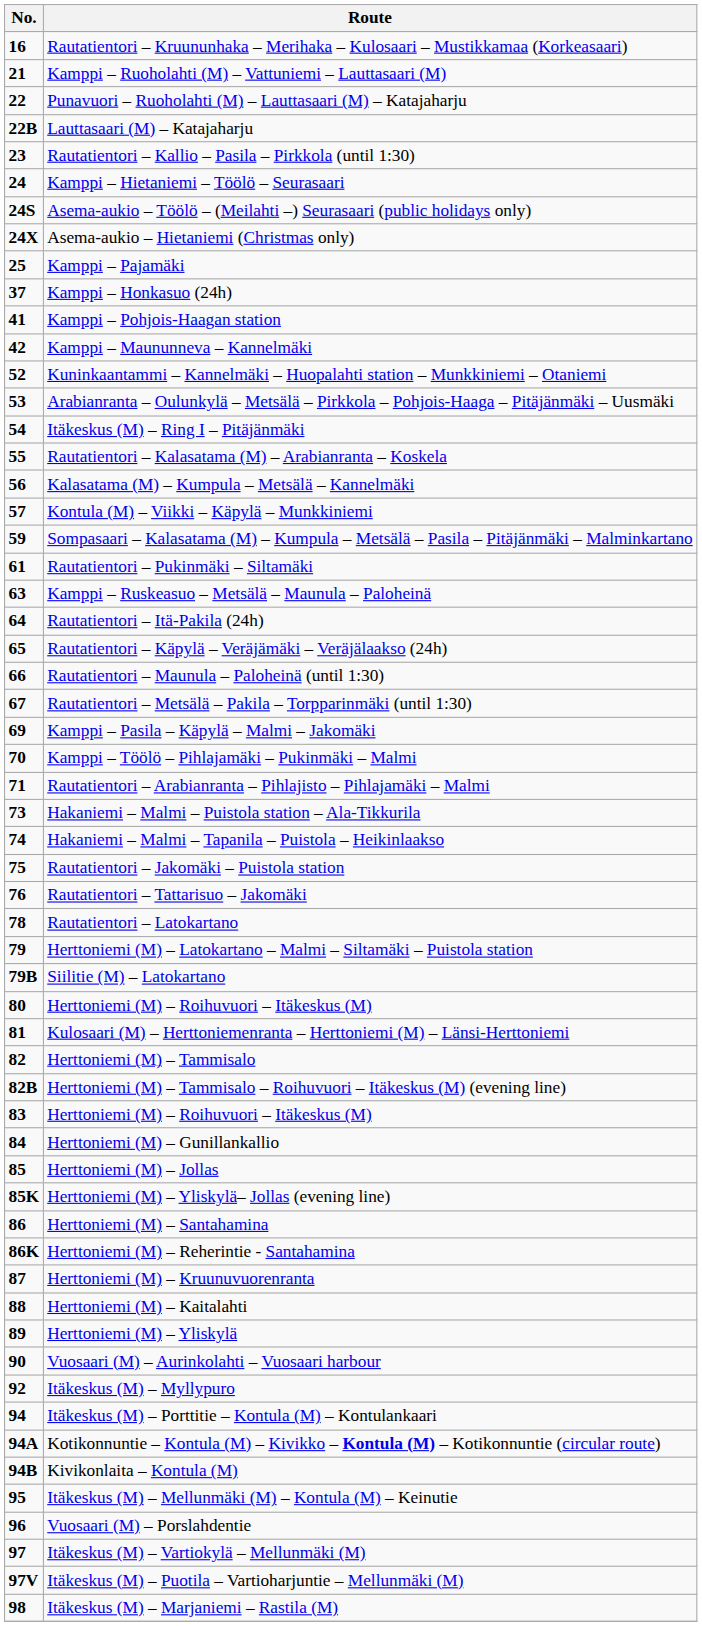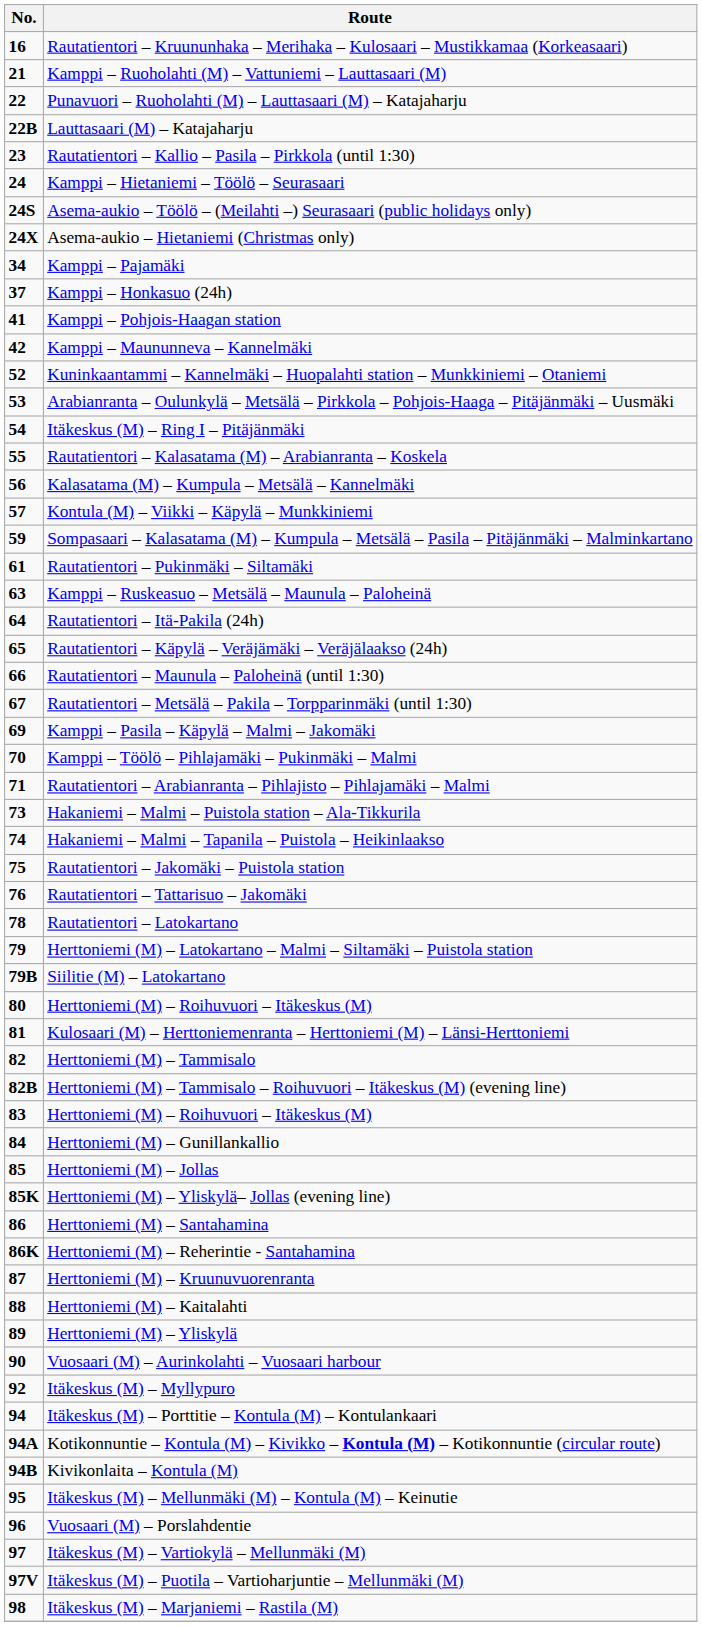 <table class="wikitable mw-collapsible mw-collapsed">
 <tr>
 <th>No.</th>
 <th>Route</th>
 </tr>
 <tr>
 <td><strong>16</strong></td>
 <td><a href='#'>Rautatientori</a> – <a href='#'>Kruununhaka</a> – <a href='#'>Merihaka</a> – <a href='#'>Kulosaari</a> – <a href='#'>Mustikkamaa</a> (<a href='#'>Korkeasaari</a>)</td>
 </tr>
 <tr>
 <td><strong>21</strong></td>
 <td><a href='#'>Kamppi</a> – <a href='#'>Ruoholahti (M)</a> – <a href='#'>Vattuniemi</a> – <a href='#'>Lauttasaari (M)</a></td>
 </tr>
 <tr>
 <td><strong>22</strong></td>
 <td><a href='#'>Punavuori</a> – <a href='#'>Ruoholahti (M)</a> – <a href='#'>Lauttasaari (M)</a> – Katajaharju</td>
 </tr>
 <tr>
 <td><strong>22B</strong></td>
 <td><a href='#'>Lauttasaari (M)</a> – Katajaharju</td>
 </tr>
 <tr>
 <td><strong>23</strong></td>
 <td><a href='#'>Rautatientori</a> – <a href='#'>Kallio</a> – <a href='#'>Pasila</a> – <a href='#'>Pirkkola</a> (until 1:30)</td>
 </tr>
 <tr>
 <td><strong>24</strong></td>
 <td><a href='#'>Kamppi</a> – <a href='#'>Hietaniemi</a> – <a href='#'>Töölö</a> – <a href='#'>Seurasaari</a></td>
 </tr>
 <tr>
 <td><strong>24S</strong></td>
 <td><a href='#'>Asema-aukio</a> – <a href='#'>Töölö</a> – (<a href='#'>Meilahti</a> –) <a href='#'>Seurasaari</a> (<a href='#'>public holidays</a> only)</td>
 </tr>
 <tr>
 <td><strong>24X</strong></td>
 <td>Asema-aukio – <a href='#'>Hietaniemi</a> (<a href='#'>Christmas</a> only)</td>
 </tr>
 <tr>
-<td><strong>25</strong></td>
+<td><strong>34</strong></td>
 <td><a href='#'>Kamppi</a> – <a href='#'>Pajamäki</a></td>
 </tr>
 <tr>
 <td><strong>37</strong></td>
 <td><a href='#'>Kamppi</a> – <a href='#'>Honkasuo</a> (24h)</td>
 </tr>
 <tr>
 <td><strong>41</strong></td>
 <td><a href='#'>Kamppi</a> – <a href='#'>Pohjois-Haagan station</a></td>
 </tr>
 <tr>
 <td><strong>42</strong></td>
 <td><a href='#'>Kamppi</a> – <a href='#'>Maununneva</a> – <a href='#'>Kannelmäki</a></td>
 </tr>
 <tr>
 <td><strong>52</strong></td>
 <td><a href='#'>Kuninkaantammi</a> – <a href='#'>Kannelmäki</a> – <a href='#'>Huopalahti station</a> – <a href='#'>Munkkiniemi</a> – <a href='#'>Otaniemi</a></td>
 </tr>
 <tr>
 <td><strong>53</strong></td>
 <td><a href='#'>Arabianranta</a> – <a href='#'>Oulunkylä</a> – <a href='#'>Metsälä</a> – <a href='#'>Pirkkola</a> – <a href='#'>Pohjois-Haaga</a> – <a href='#'>Pitäjänmäki</a> – Uusmäki</td>
 </tr>
 <tr>
 <td><strong>54</strong></td>
 <td><a href='#'>Itäkeskus (M)</a> – <a href='#'>Ring I</a> – <a href='#'>Pitäjänmäki</a></td>
 </tr>
 <tr>
 <td><strong>55</strong></td>
 <td><a href='#'>Rautatientori</a> – <a href='#'>Kalasatama (M)</a> – <a href='#'>Arabianranta</a> – <a href='#'>Koskela</a></td>
 </tr>
 <tr>
 <td><strong>56</strong></td>
 <td><a href='#'>Kalasatama (M)</a> – <a href='#'>Kumpula</a> – <a href='#'>Metsälä</a> – <a href='#'>Kannelmäki</a></td>
 </tr>
 <tr>
 <td><strong>57</strong></td>
 <td><a href='#'>Kontula (M)</a> – <a href='#'>Viikki</a> – <a href='#'>Käpylä</a> – <a href='#'>Munkkiniemi</a></td>
 </tr>
 <tr>
 <td><strong>59</strong></td>
 <td><a href='#'>Sompasaari</a> – <a href='#'>Kalasatama (M)</a> – <a href='#'>Kumpula</a> – <a href='#'>Metsälä</a> – <a href='#'>Pasila</a> – <a href='#'>Pitäjänmäki</a> – <a href='#'>Malminkartano</a></td>
 </tr>
 <tr>
 <td><strong>61</strong></td>
 <td><a href='#'>Rautatientori</a> – <a href='#'>Pukinmäki</a> – <a href='#'>Siltamäki</a></td>
 </tr>
 <tr>
 <td><strong>63</strong></td>
 <td><a href='#'>Kamppi</a> – <a href='#'>Ruskeasuo</a> – <a href='#'>Metsälä</a> – <a href='#'>Maunula</a> – <a href='#'>Paloheinä</a></td>
 </tr>
 <tr>
 <td><strong>64</strong></td>
 <td><a href='#'>Rautatientori</a> – <a href='#'>Itä-Pakila</a> (24h)</td>
 </tr>
 <tr>
 <td><strong>65</strong></td>
 <td><a href='#'>Rautatientori</a> – <a href='#'>Käpylä</a> – <a href='#'>Veräjämäki</a> – <a href='#'>Veräjälaakso</a> (24h)</td>
 </tr>
 <tr>
 <td><strong>66</strong></td>
 <td><a href='#'>Rautatientori</a> – <a href='#'>Maunula</a> – <a href='#'>Paloheinä</a> (until 1:30)</td>
 </tr>
 <tr>
 <td><strong>67</strong></td>
 <td><a href='#'>Rautatientori</a> – <a href='#'>Metsälä</a> – <a href='#'>Pakila</a> – <a href='#'>Torpparinmäki</a> (until 1:30)</td>
 </tr>
 <tr>
 <td><strong>69</strong></td>
 <td><a href='#'>Kamppi</a> – <a href='#'>Pasila</a> – <a href='#'>Käpylä</a> – <a href='#'>Malmi</a> – <a href='#'>Jakomäki</a></td>
 </tr>
 <tr>
 <td><strong>70</strong></td>
 <td><a href='#'>Kamppi</a> – <a href='#'>Töölö</a> – <a href='#'>Pihlajamäki</a> – <a href='#'>Pukinmäki</a> – <a href='#'>Malmi</a></td>
 </tr>
 <tr>
 <td><strong>71</strong></td>
 <td><a href='#'>Rautatientori</a> – <a href='#'>Arabianranta</a> – <a href='#'>Pihlajisto</a> – <a href='#'>Pihlajamäki</a> – <a href='#'>Malmi</a></td>
 </tr>
 <tr>
 <td><strong>73</strong></td>
 <td><a href='#'>Hakaniemi</a> – <a href='#'>Malmi</a> – <a href='#'>Puistola station</a> – <a href='#'>Ala-Tikkurila</a></td>
 </tr>
 <tr>
 <td><strong>74</strong></td>
 <td><a href='#'>Hakaniemi</a> – <a href='#'>Malmi</a> – <a href='#'>Tapanila</a> – <a href='#'>Puistola</a> – <a href='#'>Heikinlaakso</a></td>
 </tr>
 <tr>
 <td><strong>75</strong></td>
 <td><a href='#'>Rautatientori</a> – <a href='#'>Jakomäki</a> – <a href='#'>Puistola station</a></td>
 </tr>
 <tr>
 <td><strong>76</strong></td>
 <td><a href='#'>Rautatientori</a> – <a href='#'>Tattarisuo</a> – <a href='#'>Jakomäki</a></td>
 </tr>
 <tr>
 <td><strong>78</strong></td>
 <td><a href='#'>Rautatientori</a> – <a href='#'>Latokartano</a></td>
 </tr>
 <tr>
 <td><strong>79</strong></td>
 <td><a href='#'>Herttoniemi (M)</a> – <a href='#'>Latokartano</a> – <a href='#'>Malmi</a> – <a href='#'>Siltamäki</a> – <a href='#'>Puistola station</a></td>
 </tr>
 <tr>
 <td><strong>79B</strong></td>
 <td><a href='#'>Siilitie (M)</a> – <a href='#'>Latokartano</a></td>
 </tr>
 <tr>
 <td><strong>80</strong></td>
 <td><a href='#'>Herttoniemi (M)</a> – <a href='#'>Roihuvuori</a> – <a href='#'>Itäkeskus (M)</a></td>
 </tr>
 <tr>
 <td><strong>81</strong></td>
 <td><a href='#'>Kulosaari (M)</a> – <a href='#'>Herttoniemenranta</a> – <a href='#'>Herttoniemi (M)</a> – <a href='#'>Länsi-Herttoniemi</a></td>
 </tr>
 <tr>
 <td><strong>82</strong></td>
 <td><a href='#'>Herttoniemi (M)</a> – <a href='#'>Tammisalo</a></td>
 </tr>
 <tr>
 <td><strong>82B</strong></td>
 <td><a href='#'>Herttoniemi (M)</a> – <a href='#'>Tammisalo</a> – <a href='#'>Roihuvuori</a> – <a href='#'>Itäkeskus (M)</a> (evening line)</td>
 </tr>
 <tr>
 <td><strong>83</strong></td>
 <td><a href='#'>Herttoniemi (M)</a> – <a href='#'>Roihuvuori</a> – <a href='#'>Itäkeskus (M)</a></td>
 </tr>
 <tr>
 <td><strong>84</strong></td>
 <td><a href='#'>Herttoniemi (M)</a> – Gunillankallio</td>
 </tr>
 <tr>
 <td><strong>85</strong></td>
 <td><a href='#'>Herttoniemi (M)</a> – <a href='#'>Jollas</a></td>
 </tr>
 <tr>
 <td><strong>85K</strong></td>
 <td><a href='#'>Herttoniemi (M)</a> – <a href='#'>Yliskylä</a>– <a href='#'>Jollas</a> (evening line)</td>
 </tr>
 <tr>
 <td><strong>86</strong></td>
 <td><a href='#'>Herttoniemi (M)</a> – <a href='#'>Santahamina</a></td>
 </tr>
 <tr>
 <td><strong>86K</strong></td>
 <td><a href='#'>Herttoniemi (M)</a> – Reherintie - <a href='#'>Santahamina</a></td>
 </tr>
 <tr>
 <td><strong>87</strong></td>
 <td><a href='#'>Herttoniemi (M)</a> – <a href='#'>Kruunuvuorenranta</a></td>
 </tr>
 <tr>
 <td><strong>88</strong></td>
 <td><a href='#'>Herttoniemi (M)</a> – Kaitalahti</td>
 </tr>
 <tr>
 <td><strong>89</strong></td>
 <td><a href='#'>Herttoniemi (M)</a> – <a href='#'>Yliskylä</a></td>
 </tr>
 <tr>
 <td><strong>90</strong></td>
 <td><a href='#'>Vuosaari (M)</a> – <a href='#'>Aurinkolahti</a> – <a href='#'>Vuosaari harbour</a></td>
 </tr>
 <tr>
 <td><strong>92</strong></td>
 <td><a href='#'>Itäkeskus (M)</a> – <a href='#'>Myllypuro</a></td>
 </tr>
 <tr>
 <td><strong>94</strong></td>
 <td><a href='#'>Itäkeskus (M)</a> – Porttitie – <a href='#'>Kontula (M)</a> – Kontulankaari</td>
 </tr>
 <tr>
 <td><strong>94A</strong></td>
 <td>Kotikonnuntie – <a href='#'>Kontula (M)</a> – <a href='#'>Kivikko</a> – <a href='#'><strong>Kontula (M)</strong></a> – Kotikonnuntie (<a href='#'>circular route</a>)</td>
 </tr>
 <tr>
 <td><strong>94B</strong></td>
 <td>Kivikonlaita – <a href='#'>Kontula (M)</a></td>
 </tr>
 <tr>
 <td><strong>95</strong></td>
 <td><a href='#'>Itäkeskus (M)</a> – <a href='#'>Mellunmäki (M)</a> – <a href='#'>Kontula (M)</a> – Keinutie</td>
 </tr>
 <tr>
 <td><strong>96</strong></td>
 <td><a href='#'>Vuosaari (M)</a> – Porslahdentie</td>
 </tr>
 <tr>
 <td><strong>97</strong></td>
 <td><a href='#'>Itäkeskus (M)</a> – <a href='#'>Vartiokylä</a> – <a href='#'>Mellunmäki (M)</a></td>
 </tr>
 <tr>
 <td><strong>97V</strong></td>
 <td><a href='#'>Itäkeskus (M)</a> – <a href='#'>Puotila</a> – Vartioharjuntie – <a href='#'>Mellunmäki (M)</a></td>
 </tr>
 <tr>
 <td><strong>98</strong></td>
 <td><a href='#'>Itäkeskus (M)</a> – <a href='#'>Marjaniemi</a> – <a href='#'>Rastila (M)</a></td>
 </tr>
 <tr>
 </tr>
 </table>
